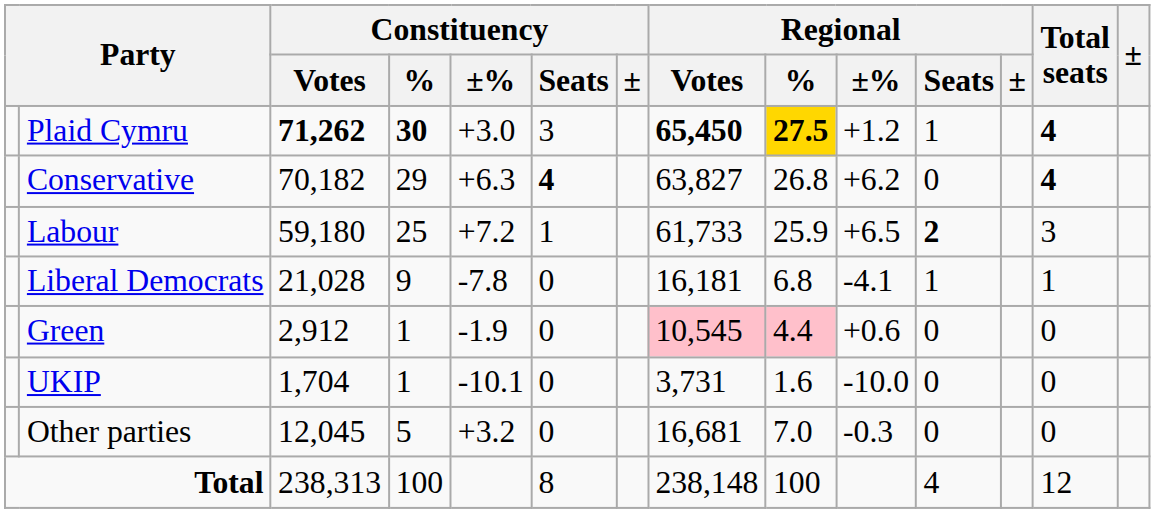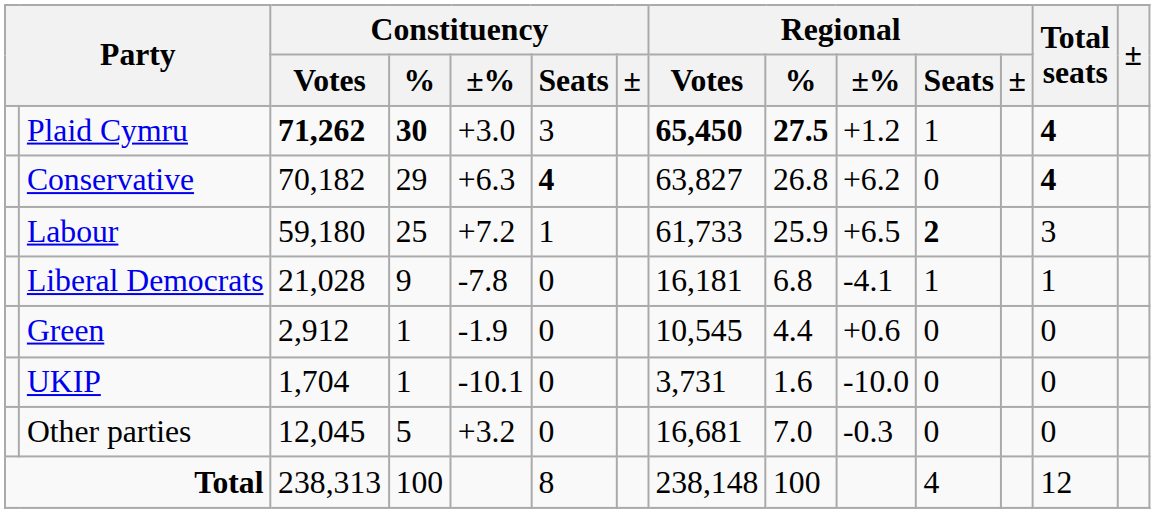 <table class="wikitable">
 <tr>
 <th colspan="2" rowspan="2">Party</th>
 <th colspan="5">Constituency</th>
 <th colspan="5">Regional</th>
 <th rowspan="2">Total<br>seats</th>
 <th rowspan="2">±</th>
 </tr>
 <tr>
 <th>Votes</th>
 <th>%</th>
 <th>±%</th>
 <th>Seats</th>
 <th>±</th>
 <th>Votes</th>
 <th>%</th>
 <th>±%</th>
 <th>Seats</th>
 <th>±</th>
 </tr>
 <tr>
 <td style="color:inherit;background:"></td>
 <td><a href='#'>Plaid Cymru</a></td>
 <td><strong>71,262</strong></td>
 <td><strong>30</strong></td>
 <td>+3.0</td>
 <td>3</td>
 <td></td>
 <td><strong>65,450</strong></td>
-<td style="background: gold;"><strong>27.5</strong></td>
+<td><strong>27.5</strong></td>
 <td>+1.2</td>
 <td>1</td>
 <td></td>
 <td><strong>4</strong></td>
 <td></td>
 </tr>
 <tr>
 <td style="color:inherit;background:"></td>
 <td><a href='#'>Conservative</a></td>
 <td>70,182</td>
 <td>29</td>
 <td>+6.3</td>
 <td><strong>4</strong></td>
 <td></td>
 <td>63,827</td>
 <td>26.8</td>
 <td>+6.2</td>
 <td>0</td>
 <td></td>
 <td><strong>4</strong></td>
 <td></td>
 </tr>
 <tr>
 <td style="color:inherit;background:"></td>
 <td><a href='#'>Labour</a></td>
 <td>59,180</td>
 <td>25</td>
 <td>+7.2</td>
 <td>1</td>
 <td></td>
 <td>61,733</td>
 <td>25.9</td>
 <td>+6.5</td>
 <td><strong>2</strong></td>
 <td></td>
 <td>3</td>
 <td></td>
 </tr>
 <tr>
 <td style="color:inherit;background:"></td>
 <td><a href='#'>Liberal Democrats</a></td>
 <td>21,028</td>
 <td>9</td>
 <td>-7.8</td>
 <td>0</td>
 <td></td>
 <td>16,181</td>
 <td>6.8</td>
 <td>-4.1</td>
 <td>1</td>
 <td></td>
 <td>1</td>
 <td></td>
 </tr>
 <tr>
 <td style="color:inherit;background:"></td>
 <td><a href='#'>Green</a></td>
 <td>2,912</td>
 <td>1</td>
 <td>-1.9</td>
 <td>0</td>
 <td></td>
-<td style="background: pink;">10,545</td>
-<td style="background: pink;">4.4</td>
+<td>10,545</td>
+<td>4.4</td>
 <td>+0.6</td>
 <td>0</td>
 <td></td>
 <td>0</td>
 <td></td>
 </tr>
 <tr>
 <td style="color:inherit;background:"></td>
 <td><a href='#'>UKIP</a></td>
 <td>1,704</td>
 <td>1</td>
 <td>-10.1</td>
 <td>0</td>
 <td></td>
 <td>3,731</td>
 <td>1.6</td>
 <td>-10.0</td>
 <td>0</td>
 <td></td>
 <td>0</td>
 <td></td>
 </tr>
 <tr>
 <td style="color:inherit;background:"></td>
 <td>Other parties</td>
 <td>12,045</td>
 <td>5</td>
 <td>+3.2</td>
 <td>0</td>
 <td></td>
 <td>16,681</td>
 <td>7.0</td>
 <td>-0.3</td>
 <td>0</td>
 <td></td>
 <td>0</td>
 <td></td>
 </tr>
 <tr>
 <td colspan=2 align="right"><strong>Total</strong></td>
 <td>238,313</td>
 <td>100</td>
 <td></td>
 <td>8</td>
 <td></td>
 <td>238,148</td>
 <td>100</td>
 <td></td>
 <td>4</td>
 <td></td>
 <td>12</td>
 <td></td>
 </tr>
 </table>
